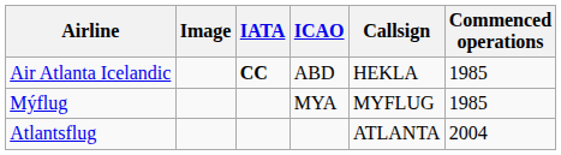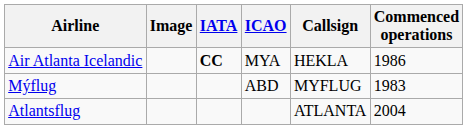 <table class="wikitable sortable" style="border: 0; cellpadding: 3; cellspacing: 3;">
 <tr valign="middle">
 <th>Airline</th>
 <th>Image</th>
 <th><a href='#'>IATA</a></th>
 <th><a href='#'>ICAO</a></th>
 <th>Callsign</th>
 <th>Commenced<br>operations</th>
 </tr>
 <tr>
 <td><a href='#'>Air Atlanta Icelandic</a></td>
 <td></td>
 <td><strong>CC</strong></td>
-<td>ABD</td>
+<td>MYA</td>
 <td>HEKLA</td>
-<td>1985</td>
+<td>1986</td>
 </tr>
 <tr>
 <td><a href='#'>Mýflug</a></td>
 <td></td>
 <td></td>
-<td>MYA</td>
+<td>ABD</td>
 <td>MYFLUG</td>
-<td>1985</td>
+<td>1983</td>
 </tr>
 <tr>
 <td><a href='#'>Atlantsflug</a></td>
 <td></td>
 <td></td>
 <td></td>
 <td>ATLANTA</td>
 <td>2004</td>
 </tr>
 </table>
